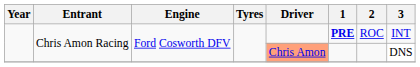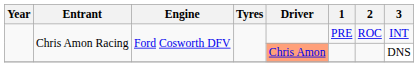 <table class="wikitable" style="text-align:center; font-size:90%">
 <tr>
 <th>Year</th>
 <th>Entrant</th>
 <th>Engine</th>
 <th>Tyres</th>
 <th>Driver</th>
 <th>1</th>
 <th>2</th>
 <th>3</th>
 </tr>
 <tr>
 <td rowspan="2"></td>
 <td rowspan="2">Chris Amon Racing</td>
 <td rowspan="2"><a href='#'>Ford</a> <a href='#'>Cosworth DFV</a></td>
 <td rowspan="2"></td>
 <td></td>
-<td><strong><a href='#'>PRE</a></strong></td>
+<td><a href='#'>PRE</a></td>
 <td><a href='#'>ROC</a></td>
 <td><a href='#'>INT</a></td>
 </tr>
 <tr>
 <td style="background: lightsalmon;"><a href='#'>Chris Amon</a></td>
 <td></td>
 <td></td>
 <td style="background:#ffffff;">DNS</td>
 </tr>
 <tr>
 </tr>
 </table>
